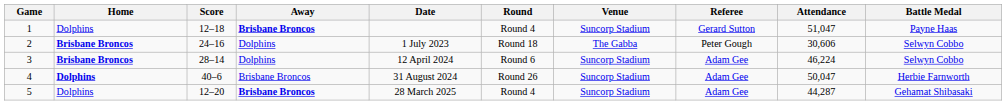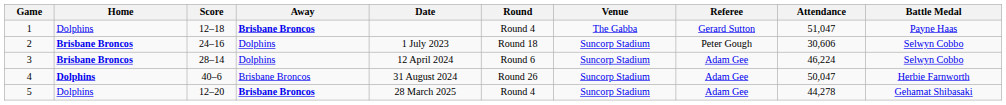 <table class="wikitable" style="border-collapse:collapse; text-align:center; width:100%;">
 <tr style="text-align:center; background:#f5faff;"  style="background:#c1d8ff;">
 <th>Game</th>
 <th>Home</th>
 <th>Score</th>
 <th>Away</th>
 <th>Date</th>
 <th>Round</th>
 <th>Venue</th>
 <th>Referee</th>
 <th>Attendance</th>
 <th>Battle Medal</th>
 </tr>
 <tr style="text-align:center;">
 <td>1</td>
 <td align="left"> <a href='#'>Dolphins</a></td>
 <td>12–18</td>
 <td align="left"><strong> <a href='#'>Brisbane Broncos</a></strong></td>
 <td></td>
 <td>Round 4</td>
-<td><a href='#'>Suncorp Stadium</a></td>
+<td><a href='#'>The Gabba</a></td>
 <td><a href='#'>Gerard Sutton</a></td>
 <td>51,047</td>
 <td> <a href='#'>Payne Haas</a></td>
 </tr>
 <tr>
 <td>2</td>
 <td align="left"><strong> <a href='#'>Brisbane Broncos</a></strong></td>
 <td>24–16</td>
 <td align="left"> <a href='#'>Dolphins</a></td>
 <td>1 July 2023</td>
 <td>Round 18</td>
-<td><a href='#'>The Gabba</a></td>
+<td><a href='#'>Suncorp Stadium</a></td>
 <td>Peter Gough</td>
 <td>30,606</td>
 <td> <a href='#'>Selwyn Cobbo</a></td>
 </tr>
 <tr>
 <td>3</td>
 <td align="left"><strong> <a href='#'>Brisbane Broncos</a></strong></td>
 <td>28–14</td>
 <td align="left"> <a href='#'>Dolphins</a></td>
 <td>12 April 2024</td>
 <td>Round 6</td>
 <td><a href='#'>Suncorp Stadium</a></td>
 <td><a href='#'>Adam Gee</a></td>
 <td>46,224</td>
 <td> <a href='#'>Selwyn Cobbo</a></td>
 </tr>
 <tr>
 <td>4</td>
 <td align="left"> <a href='#'><strong>Dolphins</strong></a></td>
 <td>40–6</td>
 <td align="left"> <a href='#'>Brisbane Broncos</a></td>
 <td>31 August 2024</td>
 <td>Round 26</td>
 <td><a href='#'>Suncorp Stadium</a></td>
 <td><a href='#'>Adam Gee</a></td>
 <td>50,047</td>
 <td> <a href='#'>Herbie Farnworth</a></td>
 </tr>
 <tr>
 <td>5</td>
 <td align="left"> <a href='#'>Dolphins</a></td>
 <td>12–20</td>
 <td align="left"><strong> <a href='#'>Brisbane Broncos</a></strong></td>
 <td>28 March 2025</td>
 <td>Round 4</td>
 <td><a href='#'>Suncorp Stadium</a></td>
 <td><a href='#'>Adam Gee</a></td>
-<td>44,287</td>
+<td>44,278</td>
 <td> <a href='#'>Gehamat Shibasaki</a></td>
 </tr>
 </table>
